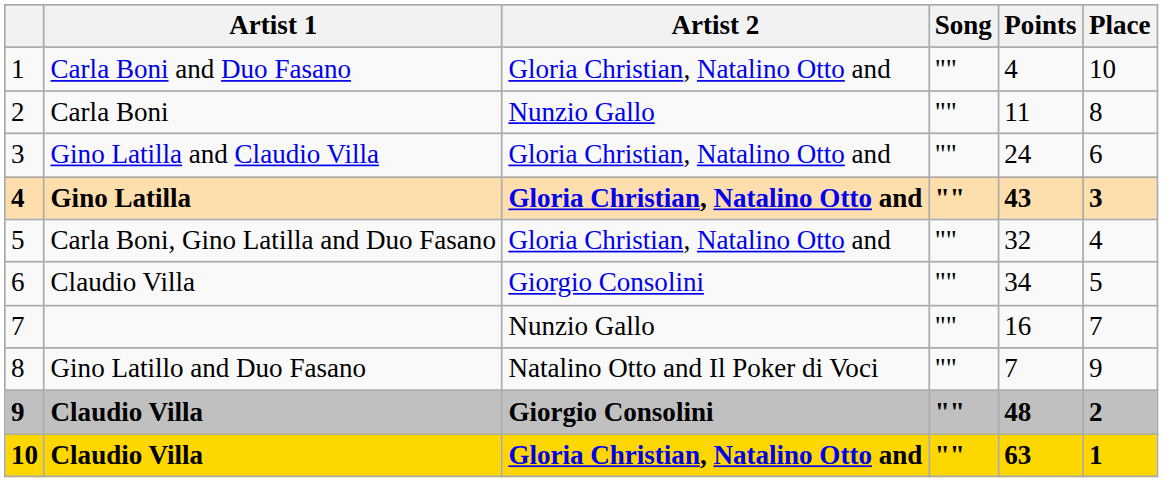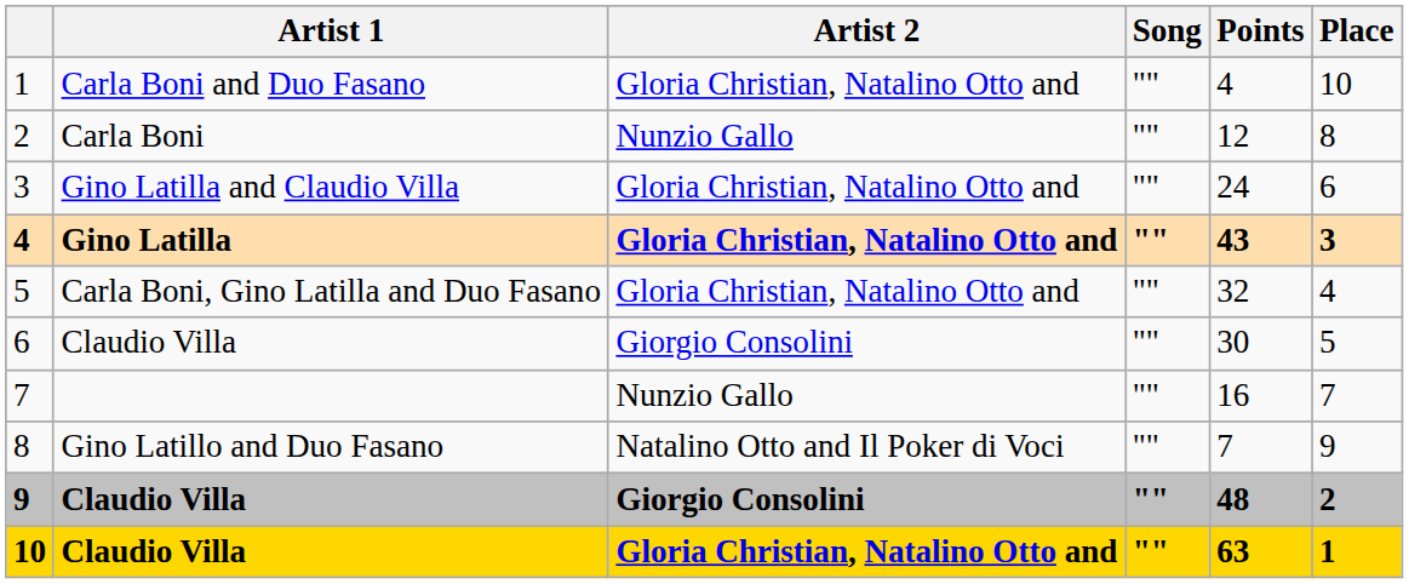 <table class="wikitable">
 <tr>
 <th></th>
 <th>Artist 1</th>
 <th>Artist 2</th>
 <th>Song</th>
 <th>Points</th>
 <th>Place</th>
 </tr>
 <tr>
 <td>1</td>
 <td><a href='#'>Carla Boni</a> and <a href='#'>Duo Fasano</a></td>
 <td><a href='#'>Gloria Christian</a>, <a href='#'>Natalino Otto</a> and </td>
 <td>""</td>
 <td>4</td>
 <td>10</td>
 </tr>
 <tr>
 <td>2</td>
 <td>Carla Boni</td>
 <td><a href='#'>Nunzio Gallo</a></td>
 <td>""</td>
-<td>11</td>
+<td>12</td>
 <td>8</td>
 </tr>
 <tr>
 <td>3</td>
 <td><a href='#'>Gino Latilla</a> and <a href='#'>Claudio Villa</a></td>
 <td><a href='#'>Gloria Christian</a>, <a href='#'>Natalino Otto</a> and </td>
 <td>""</td>
 <td>24</td>
 <td>6</td>
 </tr>
 <tr style="font-weight: bold; background: navajowhite;">
 <td>4</td>
 <td>Gino Latilla</td>
 <td><a href='#'>Gloria Christian</a>, <a href='#'>Natalino Otto</a> and </td>
 <td>""</td>
 <td>43</td>
 <td>3</td>
 </tr>
 <tr>
 <td>5</td>
 <td>Carla Boni, Gino Latilla and Duo Fasano</td>
 <td><a href='#'>Gloria Christian</a>, <a href='#'>Natalino Otto</a> and </td>
 <td>""</td>
 <td>32</td>
 <td>4</td>
 </tr>
 <tr>
 <td>6</td>
 <td>Claudio Villa</td>
 <td><a href='#'>Giorgio Consolini</a></td>
 <td>""</td>
-<td>34</td>
+<td>30</td>
 <td>5</td>
 </tr>
 <tr>
 <td>7</td>
 <td></td>
 <td>Nunzio Gallo</td>
 <td>""</td>
 <td>16</td>
 <td>7</td>
 </tr>
 <tr>
 <td>8</td>
 <td>Gino Latillo and Duo Fasano</td>
 <td>Natalino Otto and Il Poker di Voci</td>
 <td>""</td>
 <td>7</td>
 <td>9</td>
 </tr>
 <tr style="font-weight: bold; background: silver;">
 <td>9</td>
 <td>Claudio Villa</td>
 <td>Giorgio Consolini</td>
 <td>""</td>
 <td>48</td>
 <td>2</td>
 </tr>
 <tr style="font-weight: bold; background: gold;">
 <td>10</td>
 <td>Claudio Villa</td>
 <td><a href='#'>Gloria Christian</a>, <a href='#'>Natalino Otto</a> and </td>
 <td>""</td>
 <td>63</td>
 <td>1</td>
 </tr>
 </table>
